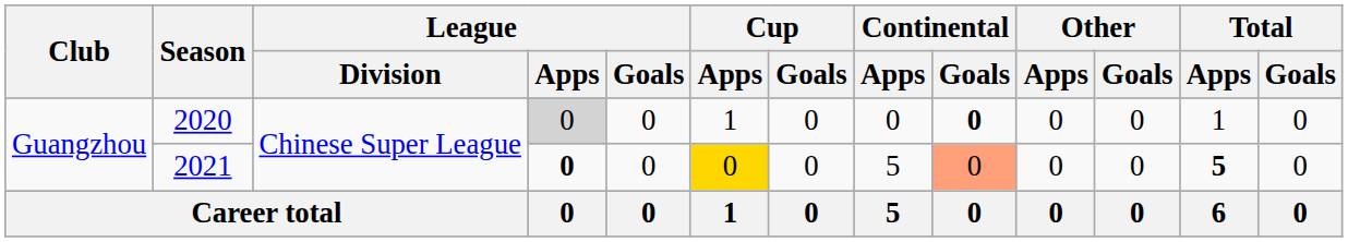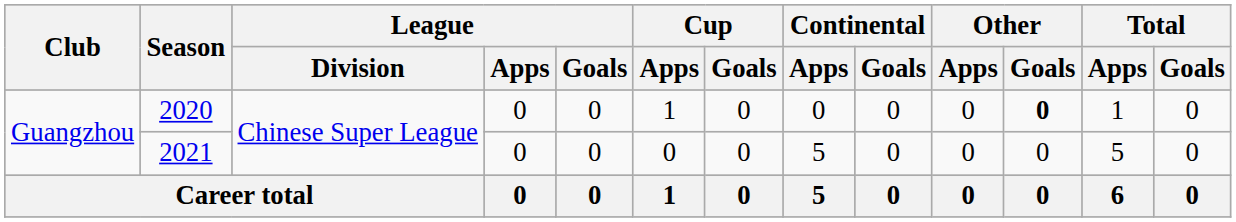 <table class="wikitable" style="text-align: center">
 <tr>
 <th rowspan="2">Club</th>
 <th rowspan="2">Season</th>
 <th colspan="3">League</th>
 <th colspan="2">Cup</th>
 <th colspan="2">Continental</th>
 <th colspan="2">Other</th>
 <th colspan="2">Total</th>
 </tr>
 <tr>
 <th>Division</th>
 <th>Apps</th>
 <th>Goals</th>
 <th>Apps</th>
 <th>Goals</th>
 <th>Apps</th>
 <th>Goals</th>
 <th>Apps</th>
 <th>Goals</th>
 <th>Apps</th>
 <th>Goals</th>
 </tr>
 <tr>
 <td rowspan="2"><a href='#'>Guangzhou</a></td>
 <td><a href='#'>2020</a></td>
 <td rowspan="2"><a href='#'>Chinese Super League</a></td>
-<td style="background: lightgrey;">0</td>
+<td>0</td>
 <td>0</td>
 <td>1</td>
 <td>0</td>
 <td>0</td>
-<td><strong>0</strong></td>
 <td>0</td>
 <td>0</td>
+<td><strong>0</strong></td>
 <td>1</td>
 <td>0</td>
 </tr>
 <tr>
 <td><a href='#'>2021</a></td>
-<td><strong>0</strong></td>
 <td>0</td>
-<td style="background: gold;">0</td>
+<td>0</td>
+<td>0</td>
 <td>0</td>
 <td>5</td>
-<td style="background: lightsalmon;">0</td>
 <td>0</td>
 <td>0</td>
-<td><strong>5</strong></td>
+<td>0</td>
+<td>5</td>
 <td>0</td>
 </tr>
 <tr>
 <th colspan=3>Career total</th>
 <th>0</th>
 <th>0</th>
 <th>1</th>
 <th>0</th>
 <th>5</th>
 <th>0</th>
 <th>0</th>
 <th>0</th>
 <th>6</th>
 <th>0</th>
 </tr>
 </table>
